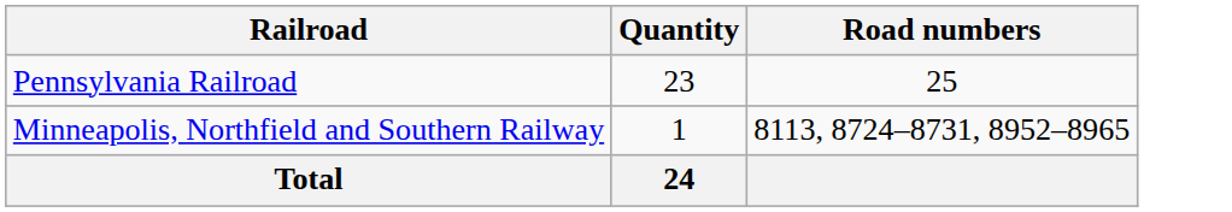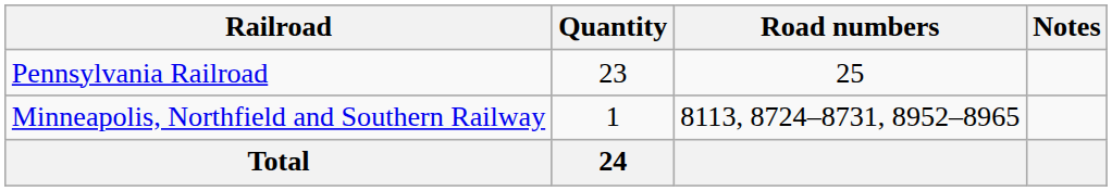 <table class="wikitable">
 <tr>
 <th>Railroad</th>
 <th>Quantity</th>
 <th>Road numbers</th>
+<th>Notes</th>
 </tr>
 <tr>
 <td><a href='#'>Pennsylvania Railroad</a></td>
 <td style="text-align: center;">23</td>
 <td style="text-align: center;">25</td>
+<td></td>
 </tr>
 <tr>
 <td><a href='#'>Minneapolis, Northfield and Southern Railway</a></td>
 <td style="text-align: center;">1</td>
 <td style="text-align: center;">8113, 8724–8731, 8952–8965</td>
+<td></td>
 </tr>
 <tr>
 <th>Total</th>
 <th>24</th>
 <th></th>
+<th></th>
 </tr>
 </table>
